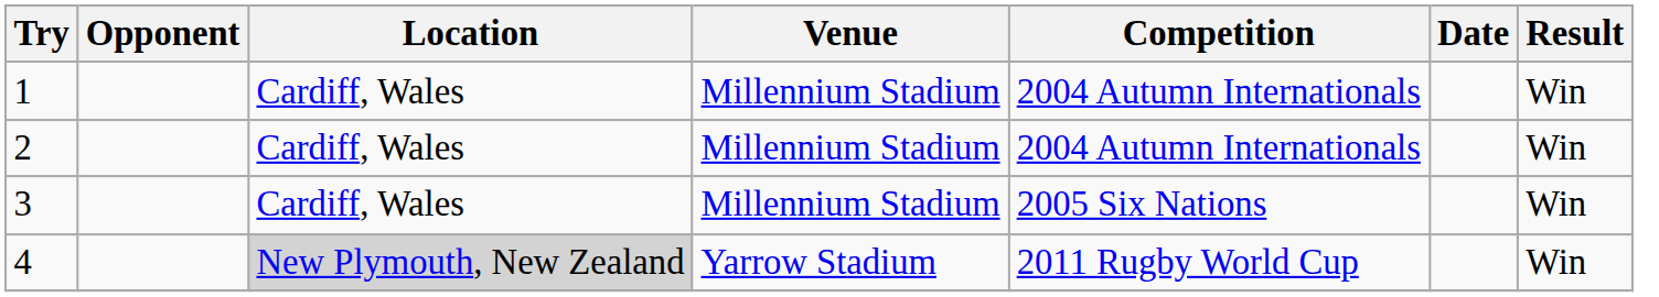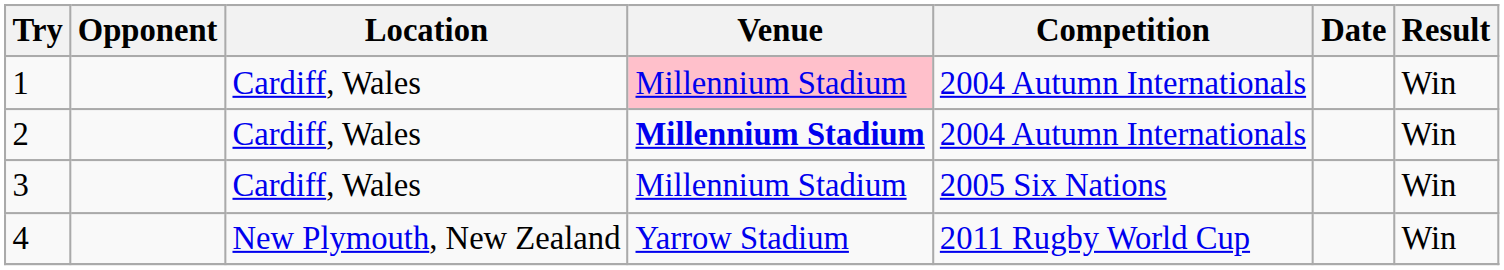 <table class="wikitable sortable">
 <tr>
 <th>Try</th>
 <th>Opponent</th>
 <th>Location</th>
 <th>Venue</th>
 <th>Competition</th>
 <th>Date</th>
 <th>Result</th>
 </tr>
 <tr>
 <td>1</td>
 <td></td>
 <td><a href='#'>Cardiff</a>, Wales</td>
-<td><a href='#'>Millennium Stadium</a></td>
+<td style="background: pink;"><a href='#'>Millennium Stadium</a></td>
 <td><a href='#'>2004 Autumn Internationals</a></td>
 <td></td>
 <td>Win</td>
 </tr>
 <tr>
 <td>2</td>
 <td></td>
 <td><a href='#'>Cardiff</a>, Wales</td>
-<td><a href='#'>Millennium Stadium</a></td>
+<td><strong><a href='#'>Millennium Stadium</a></strong></td>
 <td><a href='#'>2004 Autumn Internationals</a></td>
 <td></td>
 <td>Win</td>
 </tr>
 <tr>
 <td>3</td>
 <td></td>
 <td><a href='#'>Cardiff</a>, Wales</td>
 <td><a href='#'>Millennium Stadium</a></td>
 <td><a href='#'>2005 Six Nations</a></td>
 <td></td>
 <td>Win</td>
 </tr>
 <tr>
 <td>4</td>
 <td></td>
-<td style="background: lightgrey;"><a href='#'>New Plymouth</a>, New Zealand</td>
+<td><a href='#'>New Plymouth</a>, New Zealand</td>
 <td><a href='#'>Yarrow Stadium</a></td>
 <td><a href='#'>2011 Rugby World Cup</a></td>
 <td></td>
 <td>Win</td>
 </tr>
 <tr>
 </tr>
 </table>
